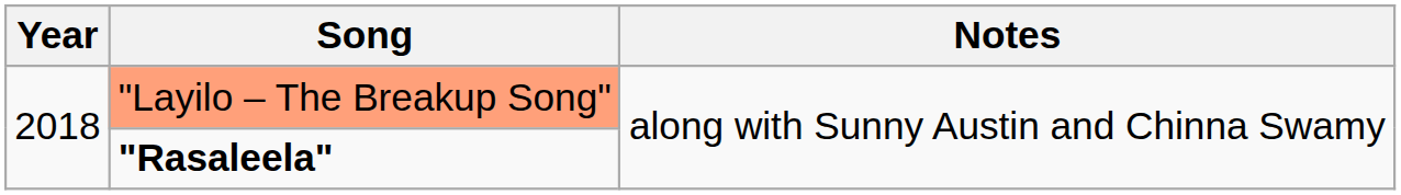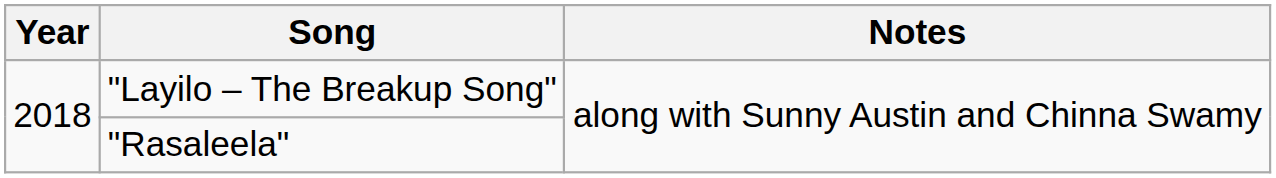 <table class="wikitable">
 <tr>
 <th>Year</th>
 <th>Song</th>
 <th>Notes</th>
 </tr>
 <tr>
 <td rowspan="2">2018</td>
-<td style="background: lightsalmon;">"Layilo – The Breakup Song"</td>
+<td>"Layilo – The Breakup Song"</td>
 <td rowspan="2">along with Sunny Austin and Chinna Swamy</td>
 </tr>
 <tr>
-<td><strong>"Rasaleela"</strong></td>
+<td>"Rasaleela"</td>
 </tr>
 </table>
